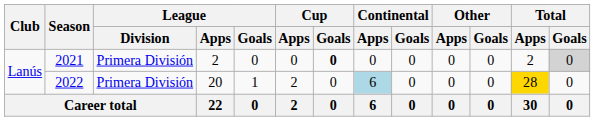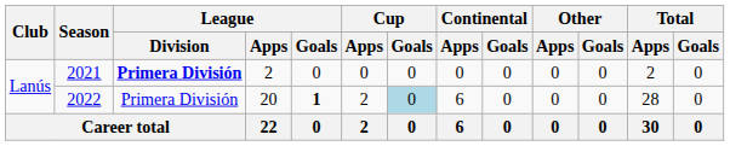 <table class="wikitable" style="text-align: center">
 <tr>
 <th rowspan="2">Club</th>
 <th rowspan="2">Season</th>
 <th colspan="3">League</th>
 <th colspan="2">Cup</th>
 <th colspan="2">Continental</th>
 <th colspan="2">Other</th>
 <th colspan="2">Total</th>
 </tr>
 <tr>
 <th>Division</th>
 <th>Apps</th>
 <th>Goals</th>
 <th>Apps</th>
 <th>Goals</th>
 <th>Apps</th>
 <th>Goals</th>
 <th>Apps</th>
 <th>Goals</th>
 <th>Apps</th>
 <th>Goals</th>
 </tr>
 <tr>
 <td rowspan="2"><a href='#'>Lanús</a></td>
 <td><a href='#'>2021</a></td>
-<td><a href='#'>Primera División</a></td>
+<td><strong><a href='#'>Primera División</a></strong></td>
 <td>2</td>
 <td>0</td>
 <td>0</td>
-<td><strong>0</strong></td>
+<td>0</td>
 <td>0</td>
 <td>0</td>
 <td>0</td>
 <td>0</td>
 <td>2</td>
-<td style="background: lightgrey;">0</td>
+<td>0</td>
 </tr>
 <tr>
 <td><a href='#'>2022</a></td>
 <td><a href='#'>Primera División</a></td>
 <td>20</td>
-<td>1</td>
+<td><strong>1</strong></td>
 <td>2</td>
-<td>0</td>
-<td style="background: lightblue;">6</td>
+<td style="background: lightblue;">0</td>
+<td>6</td>
 <td>0</td>
 <td>0</td>
 <td>0</td>
-<td style="background: gold;">28</td>
+<td>28</td>
 <td>0</td>
 </tr>
 <tr>
 <th colspan=3>Career total</th>
 <th>22</th>
 <th>0</th>
 <th>2</th>
 <th>0</th>
 <th>6</th>
 <th>0</th>
 <th>0</th>
 <th>0</th>
 <th>30</th>
 <th>0</th>
 </tr>
 </table>
